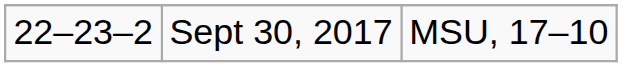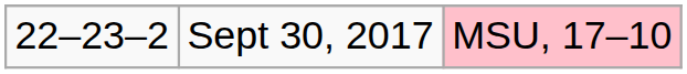 <table class="wikitable">
 <tr align="center">
 </tr>
 <tr align="center">
 <td>22–23–2</td>
 <td>Sept 30, 2017</td>
-<td>MSU, 17–10</td>
+<td style="background: pink;">MSU, 17–10</td>
 </tr>
 </table>
